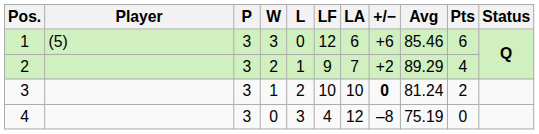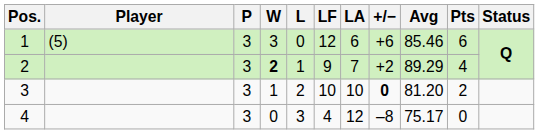 <table class="wikitable" style="text-align:center; margin: 1em auto 1em auto, align:left">
 <tr>
 <th width=20>Pos.</th>
 <th width=185>Player</th>
 <th width=20>P</th>
 <th width=20>W</th>
 <th width=20>L</th>
 <th width=20>LF</th>
 <th width=20>LA</th>
 <th width=25>+/−</th>
 <th width=30>Avg</th>
 <th width=20>Pts</th>
 <th width=40>Status</th>
 </tr>
 <tr style="background:#D0F0C0;">
 <td>1</td>
 <td align=left> (5)</td>
 <td>3</td>
 <td>3</td>
 <td>0</td>
 <td>12</td>
 <td>6</td>
 <td>+6</td>
 <td>85.46</td>
 <td>6</td>
 <td rowspan=2><strong>Q</strong></td>
 </tr>
 <tr style="background:#D0F0C0;">
 <td>2</td>
 <td align=left></td>
 <td>3</td>
-<td>2</td>
+<td><strong>2</strong></td>
 <td>1</td>
 <td>9</td>
 <td>7</td>
 <td>+2</td>
 <td>89.29</td>
 <td>4</td>
 </tr>
 <tr>
 <td>3</td>
 <td align=left></td>
 <td>3</td>
 <td>1</td>
 <td>2</td>
 <td>10</td>
 <td>10</td>
 <td><strong>0</strong></td>
-<td>81.24</td>
+<td>81.20</td>
 <td>2</td>
 <td></td>
 </tr>
 <tr>
 <td>4</td>
 <td align=left></td>
 <td>3</td>
 <td>0</td>
 <td>3</td>
 <td>4</td>
 <td>12</td>
 <td>–8</td>
-<td>75.19</td>
+<td>75.17</td>
 <td>0</td>
 <td></td>
 </tr>
 </table>
